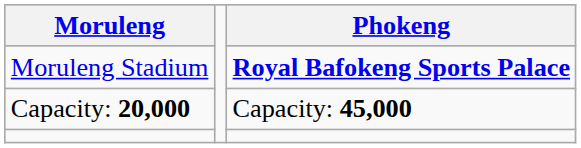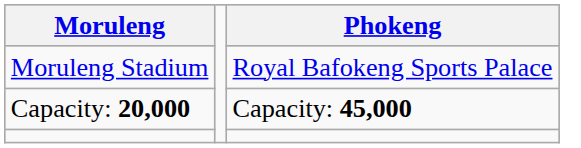 <table class="wikitable">
 <tr>
 <th><a href='#'>Moruleng</a></th>
 <td rowspan="4"><br></td>
 <th><a href='#'>Phokeng</a></th>
 </tr>
 <tr>
 <td><a href='#'>Moruleng Stadium</a></td>
-<td><strong><a href='#'>Royal Bafokeng Sports Palace</a></strong></td>
+<td><a href='#'>Royal Bafokeng Sports Palace</a></td>
 </tr>
 <tr>
 <td>Capacity: <strong>20,000</strong></td>
 <td>Capacity: <strong>45,000</strong></td>
 </tr>
 <tr>
 <td><small></small></td>
 <td><small></small></td>
 </tr>
 </table>
